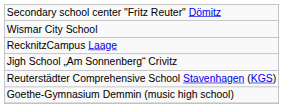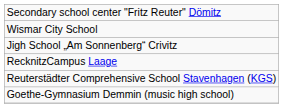 <table class="wikitable sortable float-right" style="clear:right;">
 <tr>
 <td>Secondary school center "Fritz Reuter" <a href='#'>Dömitz</a></td>
 </tr>
 <tr>
 <td>Wismar City School</td>
 </tr>
 <tr>
-<td>RecknitzCampus <a href='#'>Laage</a></td>
+<td>Jigh School „Am Sonnenberg“ Crivitz</td>
 </tr>
 <tr>
-<td>Jigh School „Am Sonnenberg“ Crivitz</td>
+<td>RecknitzCampus <a href='#'>Laage</a></td>
 </tr>
 <tr>
 <td>Reuterstädter Comprehensive School <a href='#'>Stavenhagen</a> (<a href='#'>KGS</a>)</td>
 </tr>
 <tr>
 <td>Goethe-Gymnasium Demmin (music high school)</td>
 </tr>
 <tr>
 </tr>
 </table>
